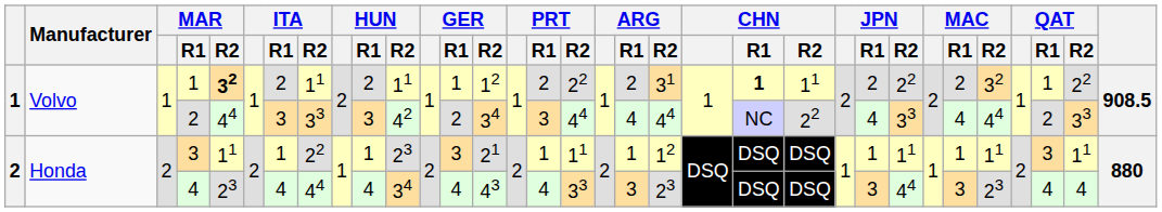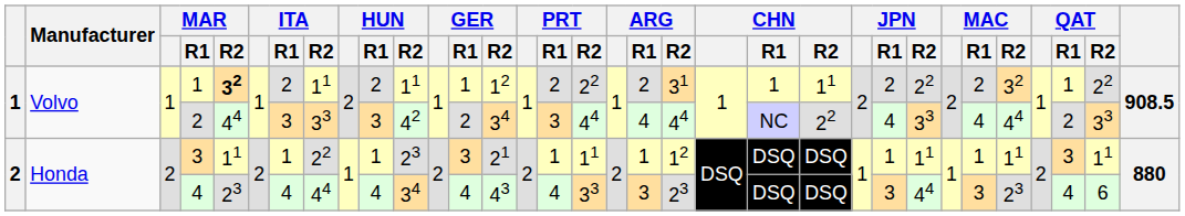 <table align="left"| class="wikitable" style="font-size: 85%; text-align: center">
 <tr valign="top">
 <th valign=middle rowspan=2></th>
 <th valign=middle rowspan=2>Manufacturer</th>
 <th colspan=3><a href='#'>MAR</a><br></th>
 <th colspan=3><a href='#'>ITA</a><br></th>
 <th colspan=3><a href='#'>HUN</a><br></th>
 <th colspan=3><a href='#'>GER</a><br></th>
 <th colspan=3><a href='#'>PRT</a><br></th>
 <th colspan=3><a href='#'>ARG</a><br></th>
 <th colspan=3><a href='#'>CHN</a><br></th>
 <th colspan=3><a href='#'>JPN</a><br></th>
 <th colspan=3><a href='#'>MAC</a><br></th>
 <th colspan=3><a href='#'>QAT</a><br></th>
 <th valign=middle rowspan=2>  </th>
 </tr>
 <tr>
 <th valign=middle></th>
 <th valign=middle>R1</th>
 <th valign=middle>R2</th>
 <th valign=middle></th>
 <th valign=middle>R1</th>
 <th valign=middle>R2</th>
 <th valign=middle></th>
 <th valign=middle>R1</th>
 <th valign=middle>R2</th>
 <th valign=middle></th>
 <th valign=middle>R1</th>
 <th valign=middle>R2</th>
 <th valign=middle></th>
 <th valign=middle>R1</th>
 <th valign=middle>R2</th>
 <th valign=middle></th>
 <th valign=middle>R1</th>
 <th valign=middle>R2</th>
 <th valign=middle></th>
 <th valign=middle>R1</th>
 <th valign=middle>R2</th>
 <th valign=middle></th>
 <th valign=middle>R1</th>
 <th valign=middle>R2</th>
 <th valign=middle></th>
 <th valign=middle>R1</th>
 <th valign=middle>R2</th>
 <th valign=middle></th>
 <th valign=middle>R1</th>
 <th valign=middle>R2</th>
 </tr>
 <tr>
 <th rowspan=2>1</th>
 <td align=left rowspan=2> <a href='#'>Volvo</a></td>
 <td style="background:#ffffbf;" rowspan=2>1</td>
 <td style="background:#ffffbf;">1</td>
 <td style="background:#ffdf9f;"><strong>3<sup>2</sup></strong></td>
 <td style="background:#ffffbf;" rowspan=2>1</td>
 <td style="background:#dfdfdf;">2</td>
 <td style="background:#ffffbf;">1<sup>1</sup></td>
 <td style="background:#dfdfdf;" rowspan=2>2</td>
 <td style="background:#dfdfdf;">2</td>
 <td style="background:#ffffbf;">1<sup>1</sup></td>
 <td style="background:#ffffbf;" rowspan=2>1</td>
 <td style="background:#ffffbf;">1</td>
 <td style="background:#ffffbf;">1<sup>2</sup></td>
 <td style="background:#ffffbf;" rowspan=2>1</td>
 <td style="background:#dfdfdf;">2</td>
 <td style="background:#dfdfdf;">2<sup>2</sup></td>
 <td style="background:#ffffbf;" rowspan=2>1</td>
 <td style="background:#dfdfdf;">2</td>
 <td style="background:#ffdf9f;">3<sup>1</sup></td>
 <td style="background:#ffffbf;" rowspan=2>1</td>
-<td style="background:#ffffbf;"><strong>1</strong></td>
+<td style="background:#ffffbf;">1</td>
 <td style="background:#ffffbf;">1<sup>1</sup></td>
 <td style="background:#dfdfdf;" rowspan=2>2</td>
 <td style="background:#dfdfdf;">2</td>
 <td style="background:#dfdfdf;">2<sup>2</sup></td>
 <td style="background:#dfdfdf;" rowspan=2>2</td>
 <td style="background:#dfdfdf;">2</td>
 <td style="background:#ffdf9f;">3<sup>2</sup></td>
 <td style="background:#ffffbf;" rowspan=2>1</td>
 <td style="background:#ffffbf;">1</td>
 <td style="background:#dfdfdf;">2<sup>2</sup></td>
 <th rowspan=2>908.5</th>
 </tr>
 <tr>
 <td style="background:#dfdfdf;">2</td>
 <td style="background:#dfffdf;">4<sup>4</sup></td>
 <td style="background:#ffdf9f;">3</td>
 <td style="background:#ffdf9f;">3<sup>3</sup></td>
 <td style="background:#ffdf9f;">3</td>
 <td style="background:#dfffdf;">4<sup>2</sup></td>
 <td style="background:#dfdfdf;">2</td>
 <td style="background:#ffdf9f;">3<sup>4</sup></td>
 <td style="background:#ffdf9f;">3</td>
 <td style="background:#dfffdf;">4<sup>4</sup></td>
 <td style="background:#dfffdf;">4</td>
 <td style="background:#dfffdf;">4<sup>4</sup></td>
 <td style="background:#cfcfff;">NC</td>
 <td style="background:#dfdfdf;">2<sup>2</sup></td>
 <td style="background:#dfffdf;">4</td>
 <td style="background:#ffdf9f;">3<sup>3</sup></td>
 <td style="background:#dfffdf;">4</td>
 <td style="background:#dfffdf;">4<sup>4</sup></td>
 <td style="background:#dfdfdf;">2</td>
 <td style="background:#ffdf9f;">3<sup>3</sup></td>
 </tr>
 <tr>
 <th rowspan=2>2</th>
 <td align=left rowspan=2> <a href='#'>Honda</a></td>
 <td style="background:#dfdfdf;" rowspan=2>2</td>
 <td style="background:#ffdf9f;">3</td>
 <td style="background:#ffffbf;">1<sup>1</sup></td>
 <td style="background:#dfdfdf;" rowspan=2>2</td>
 <td style="background:#ffffbf;">1</td>
 <td style="background:#dfdfdf;">2<sup>2</sup></td>
 <td style="background:#ffffbf;" rowspan=2>1</td>
 <td style="background:#ffffbf;">1</td>
 <td style="background:#dfdfdf;">2<sup>3</sup></td>
 <td style="background:#dfdfdf;" rowspan=2>2</td>
 <td style="background:#ffdf9f;">3</td>
 <td style="background:#dfdfdf;">2<sup>1</sup></td>
 <td style="background:#dfdfdf;" rowspan=2>2</td>
 <td style="background:#ffffbf;">1</td>
 <td style="background:#ffffbf;">1<sup>1</sup></td>
 <td style="background:#dfdfdf;" rowspan=2>2</td>
 <td style="background:#ffffbf;">1</td>
 <td style="background:#ffffbf;">1<sup>2</sup></td>
 <td style="background:#000000; color:white" rowspan=2>DSQ</td>
 <td style="background:#000000; color:white">DSQ</td>
 <td style="background:#000000; color:white">DSQ</td>
 <td style="background:#ffffbf;" rowspan=2>1</td>
 <td style="background:#ffffbf;">1</td>
 <td style="background:#ffffbf;">1<sup>1</sup></td>
 <td style="background:#ffffbf;" rowspan=2>1</td>
 <td style="background:#ffffbf;">1</td>
 <td style="background:#ffffbf;">1<sup>1</sup></td>
 <td style="background:#dfdfdf;" rowspan=2>2</td>
 <td style="background:#ffdf9f;">3</td>
 <td style="background:#ffffbf;">1<sup>1</sup></td>
 <th rowspan=2>880</th>
 </tr>
 <tr>
 <td style="background:#dfffdf;">4</td>
 <td style="background:#dfdfdf;">2<sup>3</sup></td>
 <td style="background:#dfffdf;">4</td>
 <td style="background:#dfffdf;">4<sup>4</sup></td>
 <td style="background:#dfffdf;">4</td>
 <td style="background:#ffdf9f;">3<sup>4</sup></td>
 <td style="background:#dfffdf;">4</td>
 <td style="background:#dfffdf;">4<sup>3</sup></td>
 <td style="background:#dfffdf;">4</td>
 <td style="background:#ffdf9f;">3<sup>3</sup></td>
 <td style="background:#ffdf9f;">3</td>
 <td style="background:#dfdfdf;">2<sup>3</sup></td>
 <td style="background:#000000; color:white">DSQ</td>
 <td style="background:#000000; color:white">DSQ</td>
 <td style="background:#ffdf9f;">3</td>
 <td style="background:#dfffdf;">4<sup>4</sup></td>
 <td style="background:#ffdf9f;">3</td>
 <td style="background:#dfdfdf;">2<sup>3</sup></td>
 <td style="background:#dfffdf;">4</td>
-<td style="background:#dfffdf;">4</td>
+<td style="background:#dfffdf;">6</td>
 </tr>
 </table>
